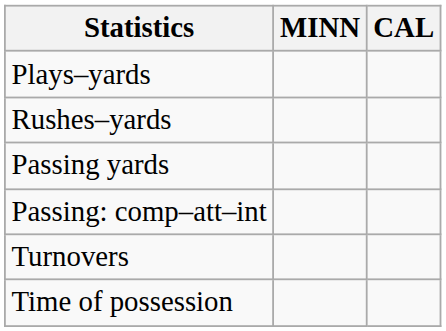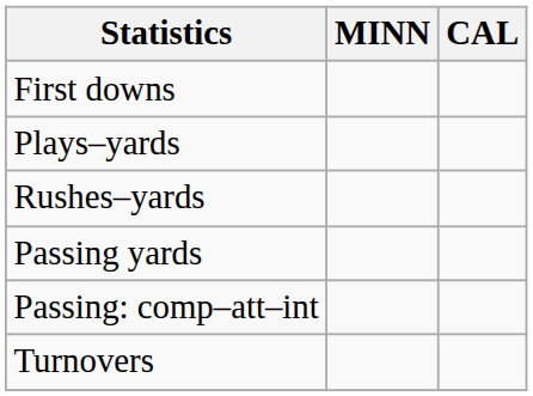 <table class="wikitable" style="float:left">
 <tr>
 <th>Statistics</th>
 <th>MINN</th>
 <th>CAL</th>
+</tr>
+<tr>
+<td>First downs</td>
+<td></td>
+<td></td>
 </tr>
 <tr>
 <td>Plays–yards</td>
 <td></td>
 <td></td>
 </tr>
 <tr>
 <td>Rushes–yards</td>
 <td></td>
 <td></td>
 </tr>
 <tr>
 <td>Passing yards</td>
 <td></td>
 <td></td>
 </tr>
 <tr>
 <td>Passing: comp–att–int</td>
 <td></td>
 <td></td>
 </tr>
 <tr>
 <td>Turnovers</td>
 <td></td>
 <td></td>
 </tr>
-<tr>
-<td>Time of possession</td>
-<td></td>
-<td></td>
-</tr>
 </table>
